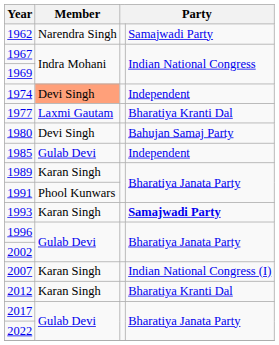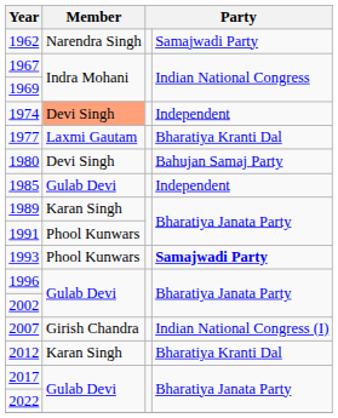 <table class="wikitable">
 <tr>
 <th>Year</th>
 <th>Member</th>
 <th colspan="2">Party</th>
 </tr>
 <tr>
 <td><a href='#'>1962</a></td>
 <td>Narendra Singh</td>
 <td style="background-color: "></td>
 <td><a href='#'>Samajwadi Party</a></td>
 </tr>
 <tr>
 <td><a href='#'>1967</a></td>
 <td rowspan="2">Indra Mohani</td>
 <td rowspan="2" style="background-color: "></td>
 <td rowspan="2"><a href='#'>Indian National Congress</a></td>
 </tr>
 <tr>
 <td><a href='#'>1969</a></td>
 </tr>
 <tr>
 <td><a href='#'>1974</a></td>
 <td style="background: lightsalmon;">Devi Singh</td>
 <td style="background-color: "></td>
 <td><a href='#'>Independent</a></td>
 </tr>
 <tr>
 <td><a href='#'>1977</a></td>
 <td><a href='#'>Laxmi Gautam</a></td>
 <td style="background-color: "></td>
 <td><a href='#'>Bharatiya Kranti Dal</a></td>
 </tr>
 <tr>
 <td><a href='#'>1980</a></td>
 <td>Devi Singh</td>
 <td style="background-color: "></td>
 <td><a href='#'>Bahujan Samaj Party</a></td>
 </tr>
 <tr>
 <td><a href='#'>1985</a></td>
 <td><a href='#'>Gulab Devi</a></td>
 <td style="background-color: "></td>
 <td><a href='#'>Independent</a></td>
 </tr>
 <tr>
 <td><a href='#'>1989</a></td>
 <td>Karan Singh</td>
 <td rowspan="2" style="background-color: "></td>
 <td rowspan="2"><a href='#'>Bharatiya Janata Party</a></td>
 </tr>
 <tr>
 <td><a href='#'>1991</a></td>
 <td>Phool Kunwars</td>
 </tr>
 <tr>
 <td><a href='#'>1993</a></td>
-<td>Karan Singh</td>
+<td>Phool Kunwars</td>
 <td style="background-color: "></td>
 <td><strong><a href='#'>Samajwadi Party</a></strong></td>
 </tr>
 <tr>
 <td><a href='#'>1996</a></td>
 <td rowspan="2"><a href='#'>Gulab Devi</a></td>
 <td rowspan="2" style="background-color: "></td>
 <td rowspan="2"><a href='#'>Bharatiya Janata Party</a></td>
 </tr>
 <tr>
 <td><a href='#'>2002</a></td>
 </tr>
 <tr>
 <td><a href='#'>2007</a></td>
-<td>Karan Singh</td>
+<td>Girish Chandra</td>
 <td style="background-color: "></td>
 <td><a href='#'>Indian National Congress (I)</a></td>
 </tr>
 <tr>
 <td><a href='#'>2012</a></td>
 <td>Karan Singh</td>
 <td style="background-color: "></td>
 <td><a href='#'>Bharatiya Kranti Dal</a></td>
 </tr>
 <tr>
 <td><a href='#'>2017</a></td>
 <td rowspan="2"><a href='#'>Gulab Devi</a></td>
 <td rowspan="2" style="background-color: "></td>
 <td rowspan="2"><a href='#'>Bharatiya Janata Party</a></td>
 </tr>
 <tr>
 <td><a href='#'>2022</a></td>
 </tr>
 <tr>
 </tr>
 </table>
